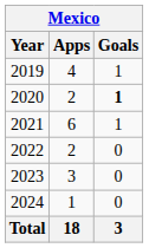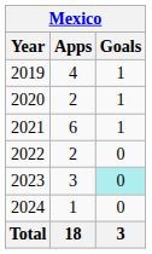 <table class="wikitable" style="text-align:center">
 <tr>
 <th colspan=3><a href='#'>Mexico</a></th>
 </tr>
 <tr>
 <th>Year</th>
 <th>Apps</th>
 <th>Goals</th>
 </tr>
 <tr>
 <td>2019</td>
 <td>4</td>
 <td>1</td>
 </tr>
 <tr>
 <td>2020</td>
 <td>2</td>
-<td><strong>1</strong></td>
+<td>1</td>
 </tr>
 <tr>
 <td>2021</td>
 <td>6</td>
 <td>1</td>
 </tr>
 <tr>
 <td>2022</td>
 <td>2</td>
 <td>0</td>
 </tr>
 <tr>
 <td>2023</td>
 <td>3</td>
-<td>0</td>
+<td style="background: paleturquoise;">0</td>
 </tr>
 <tr>
 <td>2024</td>
 <td>1</td>
 <td>0</td>
 </tr>
 <tr>
 <th>Total</th>
 <th>18</th>
 <th>3</th>
 </tr>
 </table>
